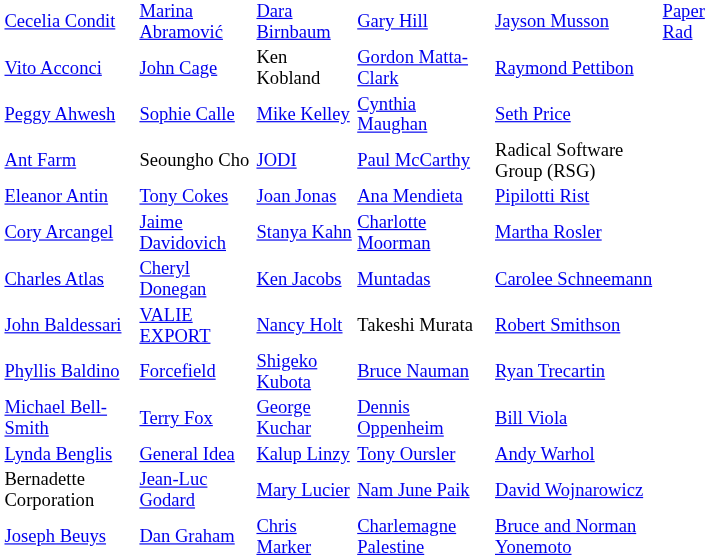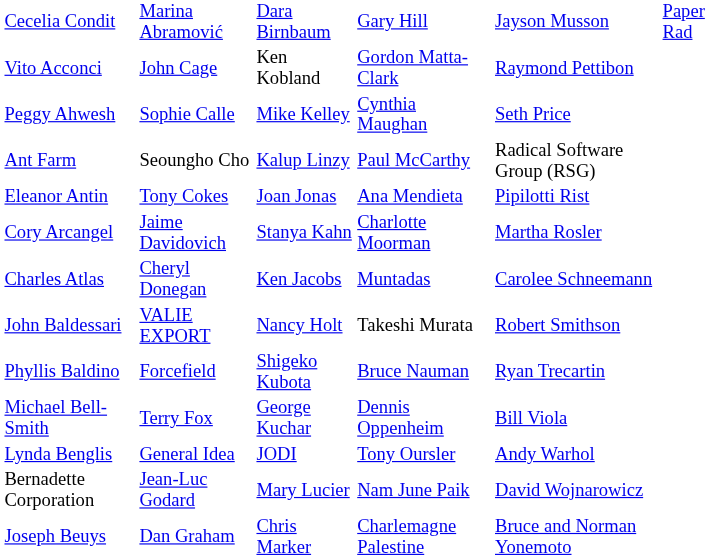 <table>
 <tr>
 <td><a href='#'>Cecelia Condit</a></td>
 <td><a href='#'>Marina Abramović</a></td>
 <td><a href='#'>Dara Birnbaum</a></td>
 <td><a href='#'>Gary Hill</a></td>
 <td><a href='#'>Jayson Musson</a></td>
 <td><a href='#'>Paper Rad</a></td>
 </tr>
 <tr>
 <td><a href='#'>Vito Acconci</a></td>
 <td><a href='#'>John Cage</a></td>
 <td>Ken Kobland</td>
 <td><a href='#'>Gordon Matta-Clark</a></td>
 <td><a href='#'>Raymond Pettibon</a></td>
 </tr>
 <tr>
 <td><a href='#'>Peggy Ahwesh</a></td>
 <td><a href='#'>Sophie Calle</a></td>
 <td><a href='#'>Mike Kelley</a></td>
 <td><a href='#'>Cynthia Maughan</a></td>
 <td><a href='#'>Seth Price</a></td>
 </tr>
 <tr>
 <td><a href='#'>Ant Farm</a></td>
 <td>Seoungho Cho</td>
-<td><a href='#'>JODI</a></td>
+<td><a href='#'>Kalup Linzy</a></td>
 <td><a href='#'>Paul McCarthy</a></td>
 <td>Radical Software Group (RSG)</td>
 </tr>
 <tr>
 <td><a href='#'>Eleanor Antin</a></td>
 <td><a href='#'>Tony Cokes</a></td>
 <td><a href='#'>Joan Jonas</a></td>
 <td><a href='#'>Ana Mendieta</a></td>
 <td><a href='#'>Pipilotti Rist</a></td>
 </tr>
 <tr>
 <td><a href='#'>Cory Arcangel</a></td>
 <td><a href='#'>Jaime Davidovich</a></td>
 <td><a href='#'>Stanya Kahn</a></td>
 <td><a href='#'>Charlotte Moorman</a></td>
 <td><a href='#'>Martha Rosler</a></td>
 </tr>
 <tr>
 <td><a href='#'>Charles Atlas</a></td>
 <td><a href='#'>Cheryl Donegan</a></td>
 <td><a href='#'>Ken Jacobs</a></td>
 <td><a href='#'>Muntadas</a></td>
 <td><a href='#'>Carolee Schneemann</a></td>
 </tr>
 <tr>
 <td><a href='#'>John Baldessari</a></td>
 <td><a href='#'>VALIE EXPORT</a></td>
 <td><a href='#'>Nancy Holt</a></td>
 <td>Takeshi Murata</td>
 <td><a href='#'>Robert Smithson</a></td>
 </tr>
 <tr>
 <td><a href='#'>Phyllis Baldino</a></td>
 <td><a href='#'>Forcefield</a></td>
 <td><a href='#'>Shigeko Kubota</a></td>
 <td><a href='#'>Bruce Nauman</a></td>
 <td><a href='#'>Ryan Trecartin</a></td>
 </tr>
 <tr>
 <td><a href='#'>Michael Bell-Smith</a></td>
 <td><a href='#'>Terry Fox</a></td>
 <td><a href='#'>George Kuchar</a></td>
 <td><a href='#'>Dennis Oppenheim</a></td>
 <td><a href='#'>Bill Viola</a></td>
 </tr>
 <tr>
 <td><a href='#'>Lynda Benglis</a></td>
 <td><a href='#'>General Idea</a></td>
-<td><a href='#'>Kalup Linzy</a></td>
+<td><a href='#'>JODI</a></td>
 <td><a href='#'>Tony Oursler</a></td>
 <td><a href='#'>Andy Warhol</a></td>
 </tr>
 <tr>
 <td>Bernadette Corporation</td>
 <td><a href='#'>Jean-Luc Godard</a></td>
 <td><a href='#'>Mary Lucier</a></td>
 <td><a href='#'>Nam June Paik</a></td>
 <td><a href='#'>David Wojnarowicz</a></td>
 </tr>
 <tr>
 <td><a href='#'>Joseph Beuys</a></td>
 <td><a href='#'>Dan Graham</a></td>
 <td><a href='#'>Chris Marker</a></td>
 <td><a href='#'>Charlemagne Palestine</a></td>
 <td><a href='#'>Bruce and Norman Yonemoto</a></td>
 </tr>
 </table>
